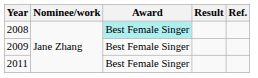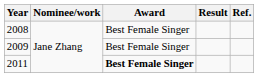 <table class="wikitable">
 <tr>
 <th>Year</th>
 <th>Nominee/work</th>
 <th>Award</th>
 <th><strong>Result</strong></th>
 <th>Ref.</th>
 </tr>
 <tr>
 <td>2008</td>
 <td rowspan="3">Jane Zhang</td>
-<td style="background: paleturquoise;">Best Female Singer</td>
+<td>Best Female Singer</td>
 <td></td>
 <td></td>
 </tr>
 <tr>
 <td>2009</td>
 <td>Best Female Singer</td>
 <td></td>
 <td></td>
 </tr>
 <tr>
 <td>2011</td>
-<td>Best Female Singer</td>
+<td><strong>Best Female Singer</strong></td>
 <td></td>
 <td></td>
 </tr>
 </table>
